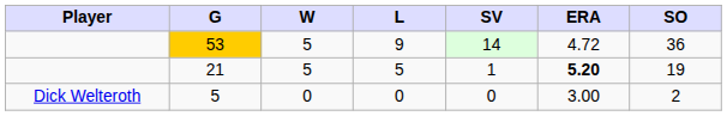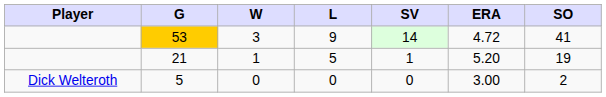 <table class="wikitable sortable">
 <tr>
 <th style="background:#ddf; width:16%;">Player</th>
 <th style="background:#ddf; width:9%;">G</th>
 <th style="background:#ddf; width:9%;">W</th>
 <th style="background:#ddf; width:9%;">L</th>
 <th style="background:#ddf; width:9%;">SV</th>
 <th style="background:#ddf; width:9%;">ERA</th>
 <th style="background:#ddf; width:9%;">SO</th>
 </tr>
 <tr style="text-align:center;">
 <td></td>
 <td style="background:#fc0;">53</td>
-<td>5</td>
+<td>3</td>
 <td>9</td>
 <td style="background:#DDFFDD;">14</td>
 <td>4.72</td>
-<td>36</td>
+<td>41</td>
 </tr>
 <tr style="text-align:center;">
 <td></td>
 <td>21</td>
-<td>5</td>
+<td>1</td>
 <td>5</td>
 <td>1</td>
-<td><strong>5.20</strong></td>
+<td>5.20</td>
 <td>19</td>
 </tr>
 <tr align="center">
 <td><a href='#'>Dick Welteroth</a></td>
 <td>5</td>
 <td>0</td>
 <td>0</td>
 <td>0</td>
 <td>3.00</td>
 <td>2</td>
 </tr>
 </table>
